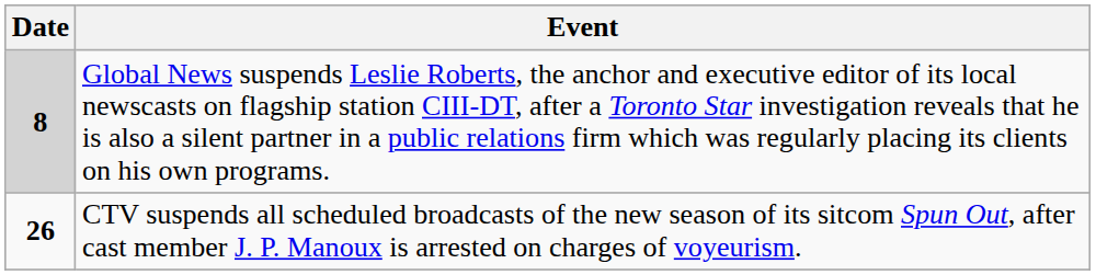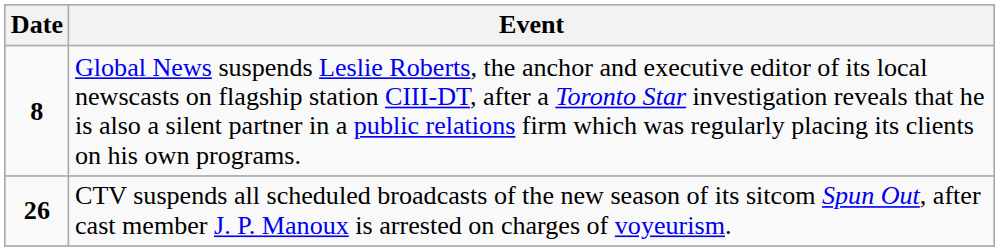 <table class="wikitable">
 <tr>
 <th>Date</th>
 <th>Event</th>
 </tr>
 <tr>
-<td style="background: lightgrey; text-align:center;"><strong>8</strong></td>
+<td style="text-align:center;"><strong>8</strong></td>
 <td><a href='#'>Global News</a> suspends <a href='#'>Leslie Roberts</a>, the anchor and executive editor of its local newscasts on flagship station <a href='#'>CIII-DT</a>, after a <em><a href='#'>Toronto Star</a></em> investigation reveals that he is also a silent partner in a <a href='#'>public relations</a> firm which was regularly placing its clients on his own programs.</td>
 </tr>
 <tr>
 <td style="text-align:center;"><strong>26</strong></td>
 <td>CTV suspends all scheduled broadcasts of the new season of its sitcom <em><a href='#'>Spun Out</a></em>, after cast member <a href='#'>J. P. Manoux</a> is arrested on charges of <a href='#'>voyeurism</a>.</td>
 </tr>
 </table>
